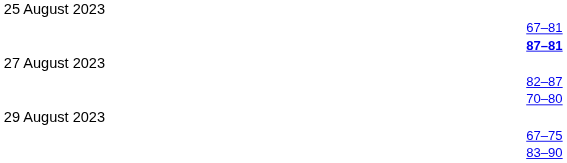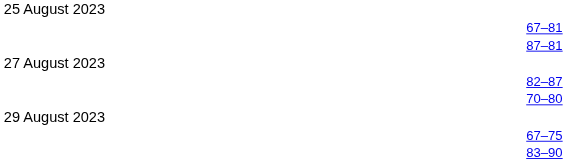 <table style="width:100%;" cellspacing="1">
 <tr>
 <th width=25%></th>
 <th width=2%></th>
 <th width=6%></th>
 <th width=2%></th>
 <th width=25%></th>
 </tr>
 <tr>
 <td>25 August 2023</td>
 </tr>
 <tr style=font-size:90%>
 <td align=right></td>
 <td></td>
 <td align=center><a href='#'>67–81</a></td>
 <td></td>
 <td></td>
 <td></td>
 </tr>
 <tr style=font-size:90%>
 <td align=right></td>
 <td></td>
-<td align=center><strong><a href='#'>87–81</a></strong></td>
+<td align=center><a href='#'>87–81</a></td>
 <td></td>
 <td></td>
 <td></td>
 </tr>
 <tr>
 <td>27 August 2023</td>
 </tr>
 <tr style=font-size:90%>
 <td align=right></td>
 <td></td>
 <td align=center><a href='#'>82–87</a></td>
 <td></td>
 <td></td>
 <td></td>
 </tr>
 <tr style=font-size:90%>
 <td align=right></td>
 <td></td>
 <td align=center><a href='#'>70–80</a></td>
 <td></td>
 <td></td>
 <td></td>
 </tr>
 <tr>
 <td>29 August 2023</td>
 </tr>
 <tr style=font-size:90%>
 <td align=right></td>
 <td></td>
 <td align=center><a href='#'>67–75</a></td>
 <td></td>
 <td></td>
 <td></td>
 </tr>
 <tr style=font-size:90%>
 <td align=right></td>
 <td></td>
 <td align=center><a href='#'>83–90</a></td>
 <td></td>
 <td></td>
 <td></td>
 </tr>
 </table>
